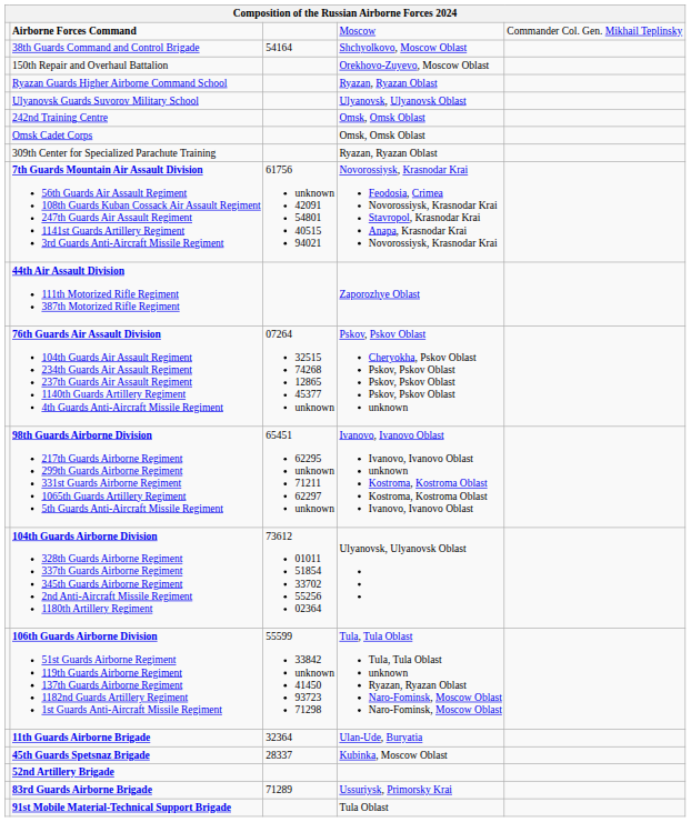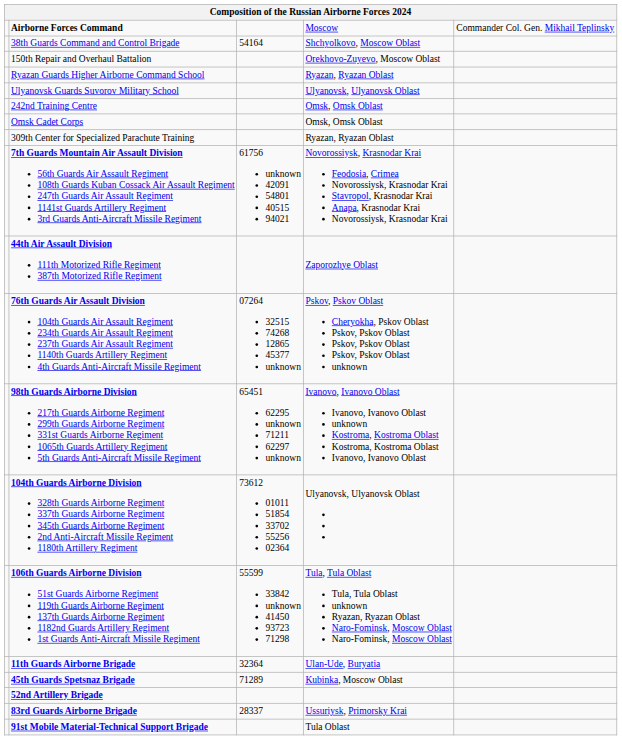 <table class="wikitable" style="font-size: 90%;">
 <tr align="center">
 <th colspan=10 style="width: 350px;">Composition of the Russian Airborne Forces 2024</th>
 </tr>
 <tr>
 <td></td>
 <td><strong>Airborne Forces Command</strong></td>
 <td></td>
 <td><a href='#'>Moscow</a></td>
 <td>Commander Col. Gen. <a href='#'>Mikhail Teplinsky</a></td>
 </tr>
 <tr>
 <td></td>
 <td><a href='#'>38th Guards Command and Control Brigade</a></td>
 <td>54164</td>
 <td><a href='#'>Shchyolkovo</a>, <a href='#'>Moscow Oblast</a></td>
 <td></td>
 </tr>
 <tr>
 <td></td>
 <td>150th Repair and Overhaul Battalion</td>
 <td></td>
 <td><a href='#'>Orekhovo-Zuyevo</a>, Moscow Oblast</td>
 <td></td>
 </tr>
 <tr>
 <td></td>
 <td><a href='#'>Ryazan Guards Higher Airborne Command School</a></td>
 <td></td>
 <td><a href='#'>Ryazan</a>, <a href='#'>Ryazan Oblast</a></td>
 <td></td>
 </tr>
 <tr>
 <td></td>
 <td><a href='#'>Ulyanovsk Guards Suvorov Military School</a></td>
 <td></td>
 <td><a href='#'>Ulyanovsk</a>, <a href='#'>Ulyanovsk Oblast</a></td>
 <td></td>
 </tr>
 <tr>
 <td></td>
 <td><a href='#'>242nd Training Centre</a></td>
 <td></td>
 <td><a href='#'>Omsk</a>, <a href='#'>Omsk Oblast</a></td>
 <td></td>
 </tr>
 <tr>
 <td></td>
 <td><a href='#'>Omsk Cadet Corps</a></td>
 <td></td>
 <td>Omsk, Omsk Oblast</td>
 <td></td>
 </tr>
 <tr>
 <td></td>
 <td>309th Center for Specialized Parachute Training</td>
 <td></td>
 <td>Ryazan, Ryazan Oblast</td>
 <td></td>
 </tr>
 <tr>
 <td><br><br><br><br></td>
 <td><strong><a href='#'>7th Guards Mountain Air Assault Division</a></strong><br><ul><li><a href='#'>56th Guards Air Assault Regiment</a></li><li><a href='#'>108th Guards Kuban Cossack Air Assault Regiment</a></li><li><a href='#'>247th Guards Air Assault Regiment</a></li><li><a href='#'>1141st Guards Artillery Regiment</a></li><li><a href='#'>3rd Guards Anti-Aircraft Missile Regiment</a></li></ul></td>
 <td>61756<br><ul><li>unknown</li><li>42091</li><li>54801</li><li>40515</li><li>94021</li></ul></td>
 <td><a href='#'>Novorossiysk</a>, <a href='#'>Krasnodar Krai</a><br><ul><li><a href='#'>Feodosia</a>, <a href='#'>Crimea</a></li><li>Novorossiysk, Krasnodar Krai</li><li><a href='#'>Stavropol</a>, Krasnodar Krai</li><li><a href='#'>Anapa</a>, Krasnodar Krai</li><li>Novorossiysk, Krasnodar Krai</li></ul></td>
 <td></td>
 </tr>
 <tr>
 <td></td>
 <td><strong><a href='#'>44th Air Assault Division</a></strong><br><ul><li><a href='#'>111th Motorized Rifle Regiment</a></li><li><a href='#'>387th Motorized Rifle Regiment</a></li></ul></td>
 <td></td>
 <td><a href='#'>Zaporozhye Oblast</a></td>
 <td></td>
 </tr>
 <tr>
 <td><br><br><br><br></td>
 <td><strong><a href='#'>76th Guards Air Assault Division</a></strong><br><ul><li><a href='#'>104th Guards Air Assault Regiment</a></li><li><a href='#'>234th Guards Air Assault Regiment</a></li><li><a href='#'>237th Guards Air Assault Regiment</a></li><li><a href='#'>1140th Guards Artillery Regiment</a></li><li><a href='#'>4th Guards Anti-Aircraft Missile Regiment</a></li></ul></td>
 <td>07264<br><ul><li>32515</li><li>74268</li><li>12865</li><li>45377</li><li>unknown</li></ul></td>
 <td><a href='#'>Pskov</a>, <a href='#'>Pskov Oblast</a><br><ul><li><a href='#'>Cheryokha</a>, Pskov Oblast</li><li>Pskov, Pskov Oblast</li><li>Pskov, Pskov Oblast</li><li>Pskov, Pskov Oblast</li><li>unknown</li></ul></td>
 <td></td>
 </tr>
 <tr>
 <td><br><br> <br><br></td>
 <td><strong><a href='#'>98th Guards Airborne Division</a></strong><br><ul><li><a href='#'>217th Guards Airborne Regiment</a></li><li><a href='#'>299th Guards Airborne Regiment</a></li><li><a href='#'>331st Guards Airborne Regiment</a></li><li><a href='#'>1065th Guards Artillery Regiment</a></li><li><a href='#'>5th Guards Anti-Aircraft Missile Regiment</a></li></ul></td>
 <td>65451<br><ul><li>62295</li><li>unknown</li><li>71211</li><li>62297</li><li>unknown</li></ul></td>
 <td><a href='#'>Ivanovo</a>, <a href='#'>Ivanovo Oblast</a><br><ul><li>Ivanovo, Ivanovo Oblast</li><li>unknown</li><li><a href='#'>Kostroma</a>, <a href='#'>Kostroma Oblast</a></li><li>Kostroma, Kostroma Oblast</li><li>Ivanovo, Ivanovo Oblast</li></ul></td>
 <td></td>
 </tr>
 <tr>
 <td></td>
 <td><strong><a href='#'>104th Guards Airborne Division</a></strong><br><ul><li><a href='#'>328th Guards Airborne Regiment</a></li><li><a href='#'>337th Guards Airborne Regiment</a></li><li><a href='#'>345th Guards Airborne Regiment</a></li><li><a href='#'>2nd Anti-Aircraft Missile Regiment</a></li><li><a href='#'>1180th Artillery Regiment</a></li></ul></td>
 <td>73612<br><ul><li>01011</li><li>51854</li><li>33702</li><li>55256</li><li>02364</li></ul></td>
 <td>Ulyanovsk, Ulyanovsk Oblast<br><ul><li></li><li></li><li></li></ul></td>
 <td></td>
 </tr>
 <tr>
 <td><br><br> <br><br></td>
 <td><strong><a href='#'>106th Guards Airborne Division</a></strong><br><ul><li><a href='#'>51st Guards Airborne Regiment</a></li><li><a href='#'>119th Guards Airborne Regiment</a></li><li><a href='#'>137th Guards Airborne Regiment</a></li><li><a href='#'>1182nd Guards Artillery Regiment</a></li><li><a href='#'>1st Guards Anti-Aircraft Missile Regiment</a></li></ul></td>
 <td>55599<br><ul><li>33842</li><li>unknown</li><li>41450</li><li>93723</li><li>71298</li></ul></td>
 <td><a href='#'>Tula</a>, <a href='#'>Tula Oblast</a><br><ul><li>Tula, Tula Oblast</li><li>unknown</li><li>Ryazan, Ryazan Oblast</li><li><a href='#'>Naro-Fominsk</a>, <a href='#'>Moscow Oblast</a></li><li>Naro-Fominsk, <a href='#'>Moscow Oblast</a></li></ul></td>
 <td></td>
 </tr>
 <tr>
 <td></td>
 <td><strong><a href='#'>11th Guards Airborne Brigade</a></strong></td>
 <td>32364</td>
 <td><a href='#'>Ulan-Ude</a>, <a href='#'>Buryatia</a></td>
 <td></td>
 </tr>
 <tr>
 <td></td>
 <td><strong><a href='#'>45th Guards Spetsnaz Brigade</a></strong></td>
-<td>28337</td>
+<td>71289</td>
 <td><a href='#'>Kubinka</a>, Moscow Oblast</td>
 <td></td>
 </tr>
 <tr>
 <td></td>
 <td><strong><a href='#'>52nd Artillery Brigade</a></strong></td>
 <td></td>
 <td></td>
 <td></td>
 </tr>
 <tr>
 <td></td>
 <td><strong><a href='#'>83rd Guards Airborne Brigade</a></strong></td>
-<td>71289</td>
+<td>28337</td>
 <td><a href='#'>Ussuriysk</a>, <a href='#'>Primorsky Krai</a></td>
 <td></td>
 </tr>
 <tr>
 <td></td>
 <td><strong><a href='#'>91st Mobile Material-Technical Support Brigade</a></strong></td>
 <td></td>
 <td>Tula Oblast</td>
 <td></td>
 </tr>
 </table>
